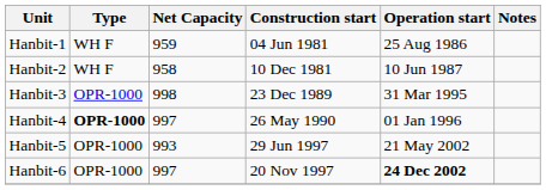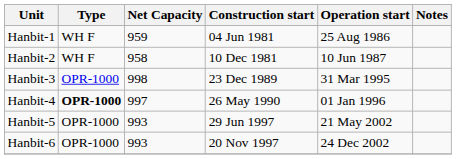 <table class="wikitable">
 <tr>
 <th>Unit</th>
 <th>Type</th>
 <th>Net Capacity</th>
 <th>Construction start</th>
 <th>Operation start</th>
 <th>Notes</th>
 </tr>
 <tr>
 <td>Hanbit-1</td>
 <td>WH F</td>
 <td>959</td>
 <td>04 Jun 1981</td>
 <td>25 Aug 1986</td>
 <td></td>
 </tr>
 <tr>
 <td>Hanbit-2</td>
 <td>WH F</td>
 <td>958</td>
 <td>10 Dec 1981</td>
 <td>10 Jun 1987</td>
 <td></td>
 </tr>
 <tr>
 <td>Hanbit-3</td>
 <td><a href='#'>OPR-1000</a></td>
 <td>998</td>
 <td>23 Dec 1989</td>
 <td>31 Mar 1995</td>
 <td></td>
 </tr>
 <tr>
 <td>Hanbit-4</td>
 <td><strong>OPR-1000</strong></td>
 <td>997</td>
 <td>26 May 1990</td>
 <td>01 Jan 1996</td>
 <td></td>
 </tr>
 <tr>
 <td>Hanbit-5</td>
 <td>OPR-1000</td>
 <td>993</td>
 <td>29 Jun 1997</td>
 <td>21 May 2002</td>
 <td></td>
 </tr>
 <tr>
 <td>Hanbit-6</td>
 <td>OPR-1000</td>
-<td>997</td>
+<td>993</td>
 <td>20 Nov 1997</td>
-<td><strong>24 Dec 2002</strong></td>
+<td>24 Dec 2002</td>
 <td></td>
 </tr>
 <tr>
 </tr>
 </table>
